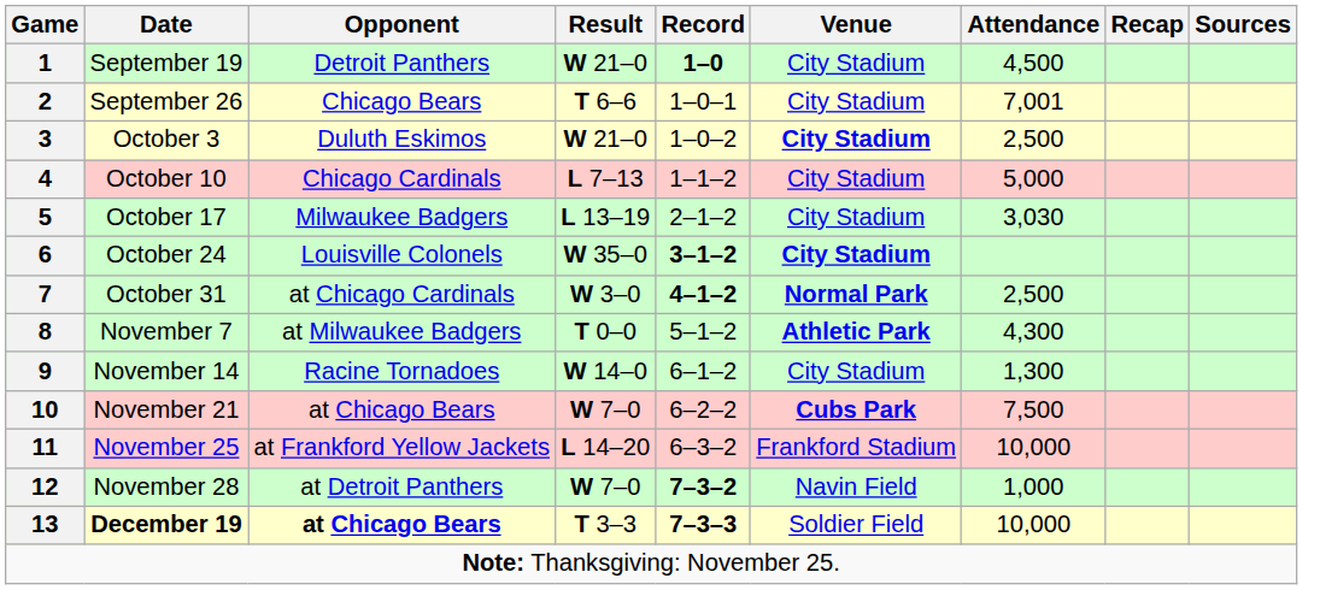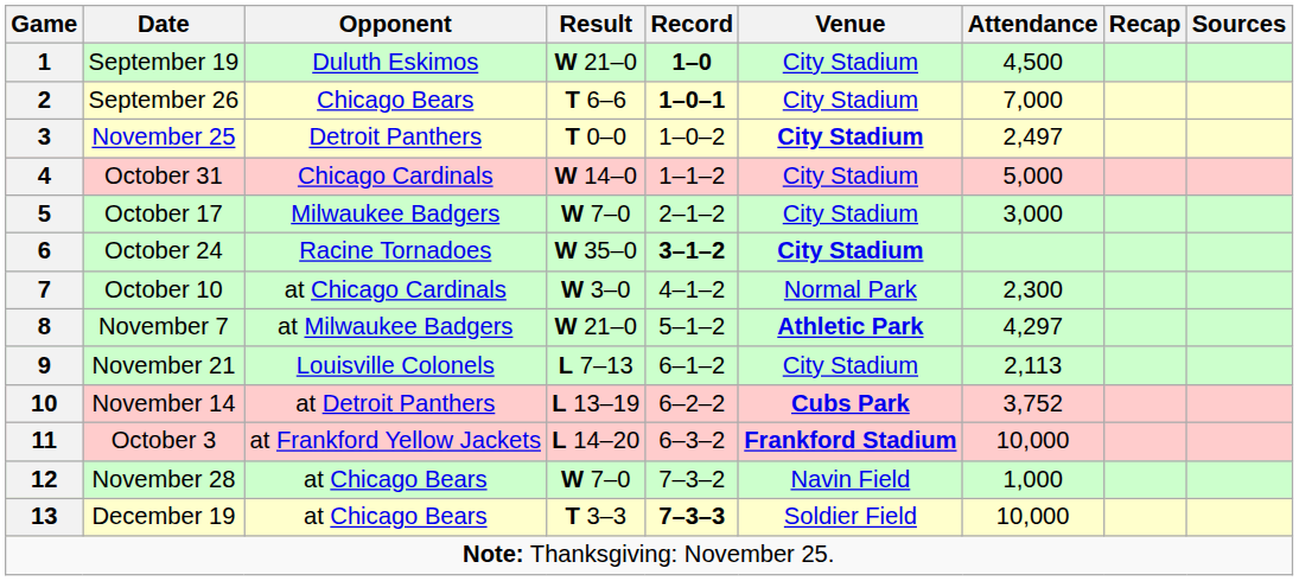 <table class="wikitable" style="text-align:center">
 <tr>
 <th>Game</th>
 <th>Date</th>
 <th>Opponent</th>
 <th>Result</th>
 <th>Record</th>
 <th>Venue</th>
 <th>Attendance</th>
 <th>Recap</th>
 <th>Sources</th>
 </tr>
 <tr style="background: #cfc">
 <th>1</th>
 <td>September 19</td>
-<td><a href='#'>Detroit Panthers</a></td>
+<td><a href='#'>Duluth Eskimos</a></td>
 <td><strong>W</strong> 21–0</td>
 <td><strong>1–0</strong></td>
 <td><a href='#'>City Stadium</a></td>
 <td>4,500</td>
 <td></td>
 <td></td>
 </tr>
 <tr style="background: #ffc">
 <th>2</th>
 <td>September 26</td>
 <td><a href='#'>Chicago Bears</a></td>
 <td><strong>T</strong> 6–6</td>
-<td>1–0–1</td>
+<td><strong>1–0–1</strong></td>
 <td><a href='#'>City Stadium</a></td>
-<td>7,001</td>
+<td>7,000</td>
 <td></td>
 <td></td>
 </tr>
 <tr style="background: #ffc">
 <th>3</th>
-<td>October 3</td>
-<td><a href='#'>Duluth Eskimos</a></td>
-<td><strong>W</strong> 21–0</td>
+<td><a href='#'>November 25</a></td>
+<td><a href='#'>Detroit Panthers</a></td>
+<td><strong>T</strong> 0–0</td>
 <td>1–0–2</td>
 <td><strong><a href='#'>City Stadium</a></strong></td>
-<td>2,500</td>
+<td>2,497</td>
 <td></td>
 <td></td>
 </tr>
 <tr style="background: #fcc">
 <th>4</th>
-<td>October 10</td>
+<td>October 31</td>
 <td><a href='#'>Chicago Cardinals</a></td>
-<td><strong>L</strong> 7–13</td>
+<td><strong>W</strong> 14–0</td>
 <td>1–1–2</td>
 <td><a href='#'>City Stadium</a></td>
 <td>5,000</td>
 <td></td>
 <td></td>
 </tr>
 <tr style="background: #cfc">
 <th>5</th>
 <td>October 17</td>
 <td><a href='#'>Milwaukee Badgers</a></td>
-<td><strong>L</strong> 13–19</td>
+<td><strong>W</strong> 7–0</td>
 <td>2–1–2</td>
 <td><a href='#'>City Stadium</a></td>
-<td>3,030</td>
+<td>3,000</td>
 <td></td>
 <td></td>
 </tr>
 <tr style="background: #cfc">
 <th>6</th>
 <td>October 24</td>
-<td><a href='#'>Louisville Colonels</a></td>
+<td><a href='#'>Racine Tornadoes</a></td>
 <td><strong>W</strong> 35–0</td>
 <td><strong>3–1–2</strong></td>
 <td><strong><a href='#'>City Stadium</a></strong></td>
 <td></td>
 <td></td>
 <td></td>
 </tr>
 <tr style="background: #cfc">
 <th>7</th>
-<td>October 31</td>
+<td>October 10</td>
 <td>at <a href='#'>Chicago Cardinals</a></td>
 <td><strong>W</strong> 3–0</td>
-<td><strong>4–1–2</strong></td>
-<td><strong><a href='#'>Normal Park</a></strong></td>
-<td>2,500</td>
+<td>4–1–2</td>
+<td><a href='#'>Normal Park</a></td>
+<td>2,300</td>
 <td></td>
 <td></td>
 </tr>
 <tr style="background: #cfc">
 <th>8</th>
 <td>November 7</td>
 <td>at <a href='#'>Milwaukee Badgers</a></td>
-<td><strong>T</strong> 0–0</td>
+<td><strong>W</strong> 21–0</td>
 <td>5–1–2</td>
 <td><strong><a href='#'>Athletic Park</a></strong></td>
-<td>4,300</td>
+<td>4,297</td>
 <td></td>
 <td></td>
 </tr>
 <tr style="background: #cfc">
 <th>9</th>
-<td>November 14</td>
-<td><a href='#'>Racine Tornadoes</a></td>
-<td><strong>W</strong> 14–0</td>
+<td>November 21</td>
+<td><a href='#'>Louisville Colonels</a></td>
+<td><strong>L</strong> 7–13</td>
 <td>6–1–2</td>
 <td><a href='#'>City Stadium</a></td>
-<td>1,300 </td>
+<td>2,113 </td>
 <td></td>
 <td></td>
 </tr>
 <tr style="background: #fcc">
 <th>10</th>
-<td>November 21</td>
-<td>at <a href='#'>Chicago Bears</a></td>
-<td><strong>W</strong> 7–0</td>
+<td>November 14</td>
+<td>at <a href='#'>Detroit Panthers</a></td>
+<td><strong>L</strong> 13–19</td>
 <td>6–2–2</td>
 <td><strong><a href='#'>Cubs Park</a></strong></td>
-<td>7,500</td>
+<td>3,752</td>
 <td></td>
 <td></td>
 </tr>
 <tr style="background: #fcc">
 <th>11</th>
-<td><a href='#'>November 25</a></td>
+<td>October 3</td>
 <td>at <a href='#'>Frankford Yellow Jackets</a></td>
 <td><strong>L</strong> 14–20</td>
 <td>6–3–2</td>
-<td><a href='#'>Frankford Stadium</a></td>
+<td><strong><a href='#'>Frankford Stadium</a></strong></td>
 <td>10,000</td>
 <td></td>
 <td></td>
 </tr>
 <tr style="background: #cfc">
 <th>12</th>
 <td>November 28</td>
-<td>at <a href='#'>Detroit Panthers</a></td>
+<td>at <a href='#'>Chicago Bears</a></td>
 <td><strong>W</strong> 7–0</td>
-<td><strong>7–3–2</strong></td>
+<td>7–3–2</td>
 <td><a href='#'>Navin Field</a></td>
 <td>1,000</td>
 <td></td>
 <td></td>
 </tr>
 <tr style="background: #ffc">
 <th>13</th>
-<td><strong>December 19</strong></td>
-<td><strong>at <a href='#'>Chicago Bears</a></strong></td>
+<td>December 19</td>
+<td>at <a href='#'>Chicago Bears</a></td>
 <td><strong>T</strong> 3–3</td>
 <td><strong>7–3–3</strong></td>
 <td><a href='#'>Soldier Field</a></td>
 <td>10,000</td>
 <td></td>
 <td></td>
 </tr>
 <tr>
 <td colspan="10"><strong>Note:</strong> Thanksgiving: November 25.</td>
 </tr>
 </table>
